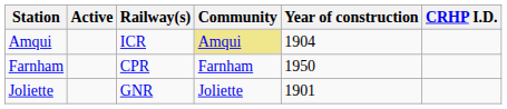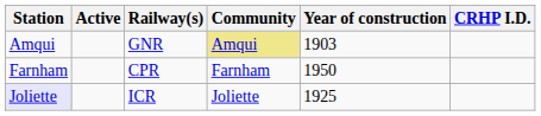 <table class="wikitable sortable">
 <tr>
 <th>Station</th>
 <th>Active</th>
 <th>Railway(s)</th>
 <th>Community</th>
 <th>Year of construction</th>
 <th><a href='#'>CRHP</a> I.D.</th>
 </tr>
 <tr>
 <td><a href='#'>Amqui</a></td>
 <td></td>
-<td><a href='#'>ICR</a></td>
+<td><a href='#'>GNR</a></td>
 <td style="background: khaki;"><a href='#'>Amqui</a></td>
-<td>1904</td>
+<td>1903</td>
 <td></td>
 </tr>
 <tr>
 <td><a href='#'>Farnham</a></td>
 <td></td>
 <td><a href='#'>CPR</a></td>
 <td><a href='#'>Farnham</a></td>
 <td>1950</td>
 <td></td>
 </tr>
 <tr>
+<td style="background: lavender;"><a href='#'>Joliette</a></td>
+<td></td>
+<td><a href='#'>ICR</a></td>
 <td><a href='#'>Joliette</a></td>
-<td></td>
-<td><a href='#'>GNR</a></td>
-<td><a href='#'>Joliette</a></td>
-<td>1901</td>
+<td>1925</td>
 <td></td>
 </tr>
 </table>
